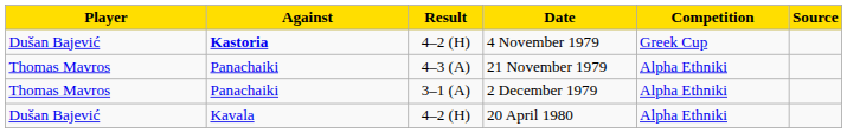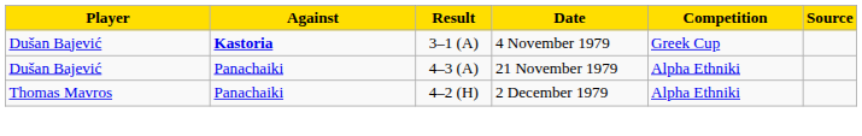 <table class="wikitable">
 <tr>
 <th width=200 style="background:#FFDE00">Player</th>
 <th width=200 style="background:#FFDE00">Against</th>
 <th width=70 style="background:#FFDE00">Result</th>
 <th width=150 style="background:#FFDE00">Date</th>
 <th width=150 style="background:#FFDE00">Competition</th>
 <th style="background:#FFDE00">Source</th>
 </tr>
 <tr>
 <td> <a href='#'>Dušan Bajević</a></td>
 <td><strong> <a href='#'>Kastoria</a></strong></td>
-<td align=center>4–2 (H)</td>
+<td align=center>3–1 (Α)</td>
 <td>4 November 1979</td>
 <td><a href='#'>Greek Cup</a></td>
 <td align=center></td>
 </tr>
 <tr>
-<td> <a href='#'>Thomas Mavros</a></td>
+<td> <a href='#'>Dušan Bajević</a></td>
 <td> <a href='#'>Panachaiki</a></td>
 <td align=center>4–3 (Α)</td>
 <td>21 November 1979</td>
 <td><a href='#'>Alpha Ethniki</a></td>
 <td align=center></td>
 </tr>
 <tr>
 <td> <a href='#'>Thomas Mavros</a></td>
 <td> <a href='#'>Panachaiki</a></td>
-<td align=center>3–1 (Α)</td>
+<td align=center>4–2 (H)</td>
 <td>2 December 1979</td>
 <td><a href='#'>Alpha Ethniki</a></td>
 <td align=center></td>
 </tr>
-<tr>
-<td> <a href='#'>Dušan Bajević</a></td>
-<td> <a href='#'>Kavala</a></td>
-<td align=center>4–2 (H)</td>
-<td>20 April 1980</td>
-<td><a href='#'>Alpha Ethniki</a></td>
-<td align=center></td>
-</tr>
 </table>
